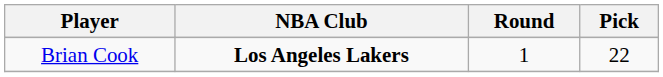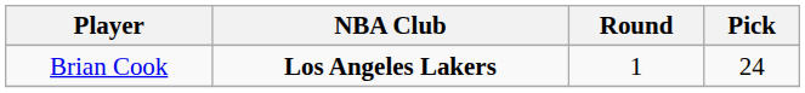 <table class="wikitable" width="500">
 <tr>
 <th>Player</th>
 <th>NBA Club</th>
 <th>Round</th>
 <th>Pick</th>
 </tr>
 <tr>
 </tr>
 <tr align="center" bgcolor="">
 <td><a href='#'>Brian Cook</a></td>
 <td><strong>Los Angeles Lakers</strong></td>
 <td>1</td>
-<td>22</td>
+<td>24</td>
 </tr>
 <tr align="center" bgcolor="">
 </tr>
 </table>
